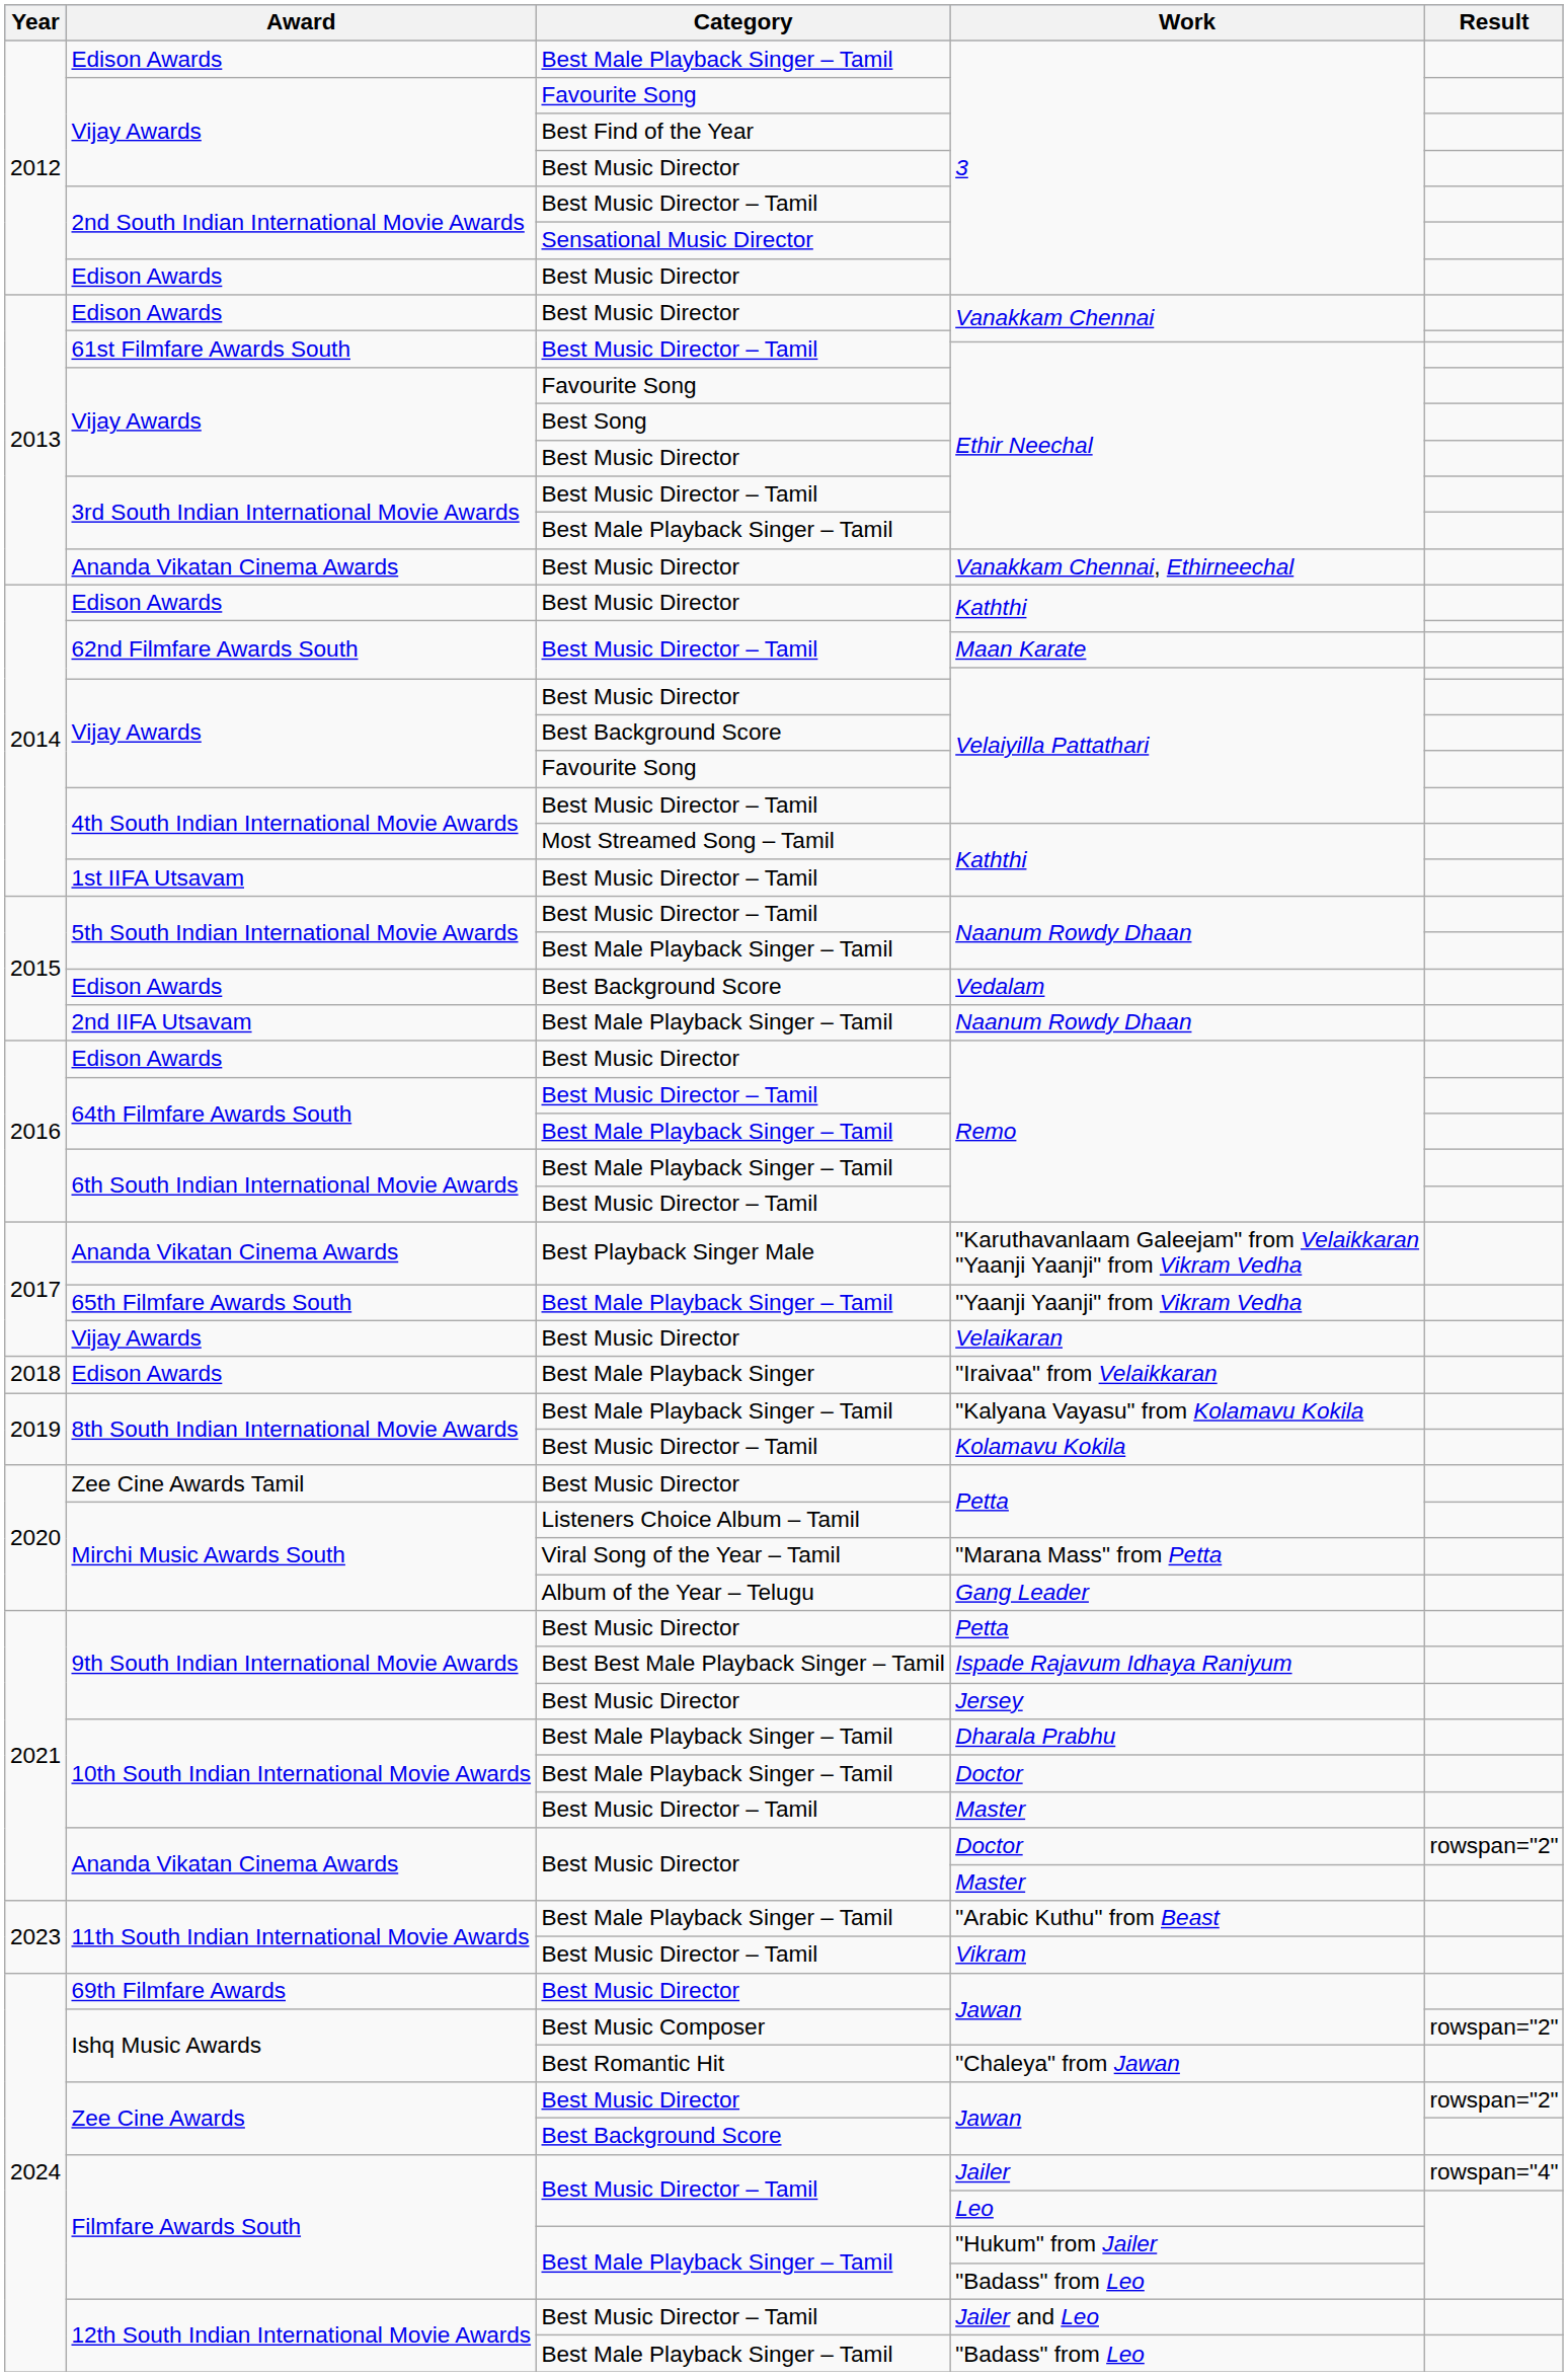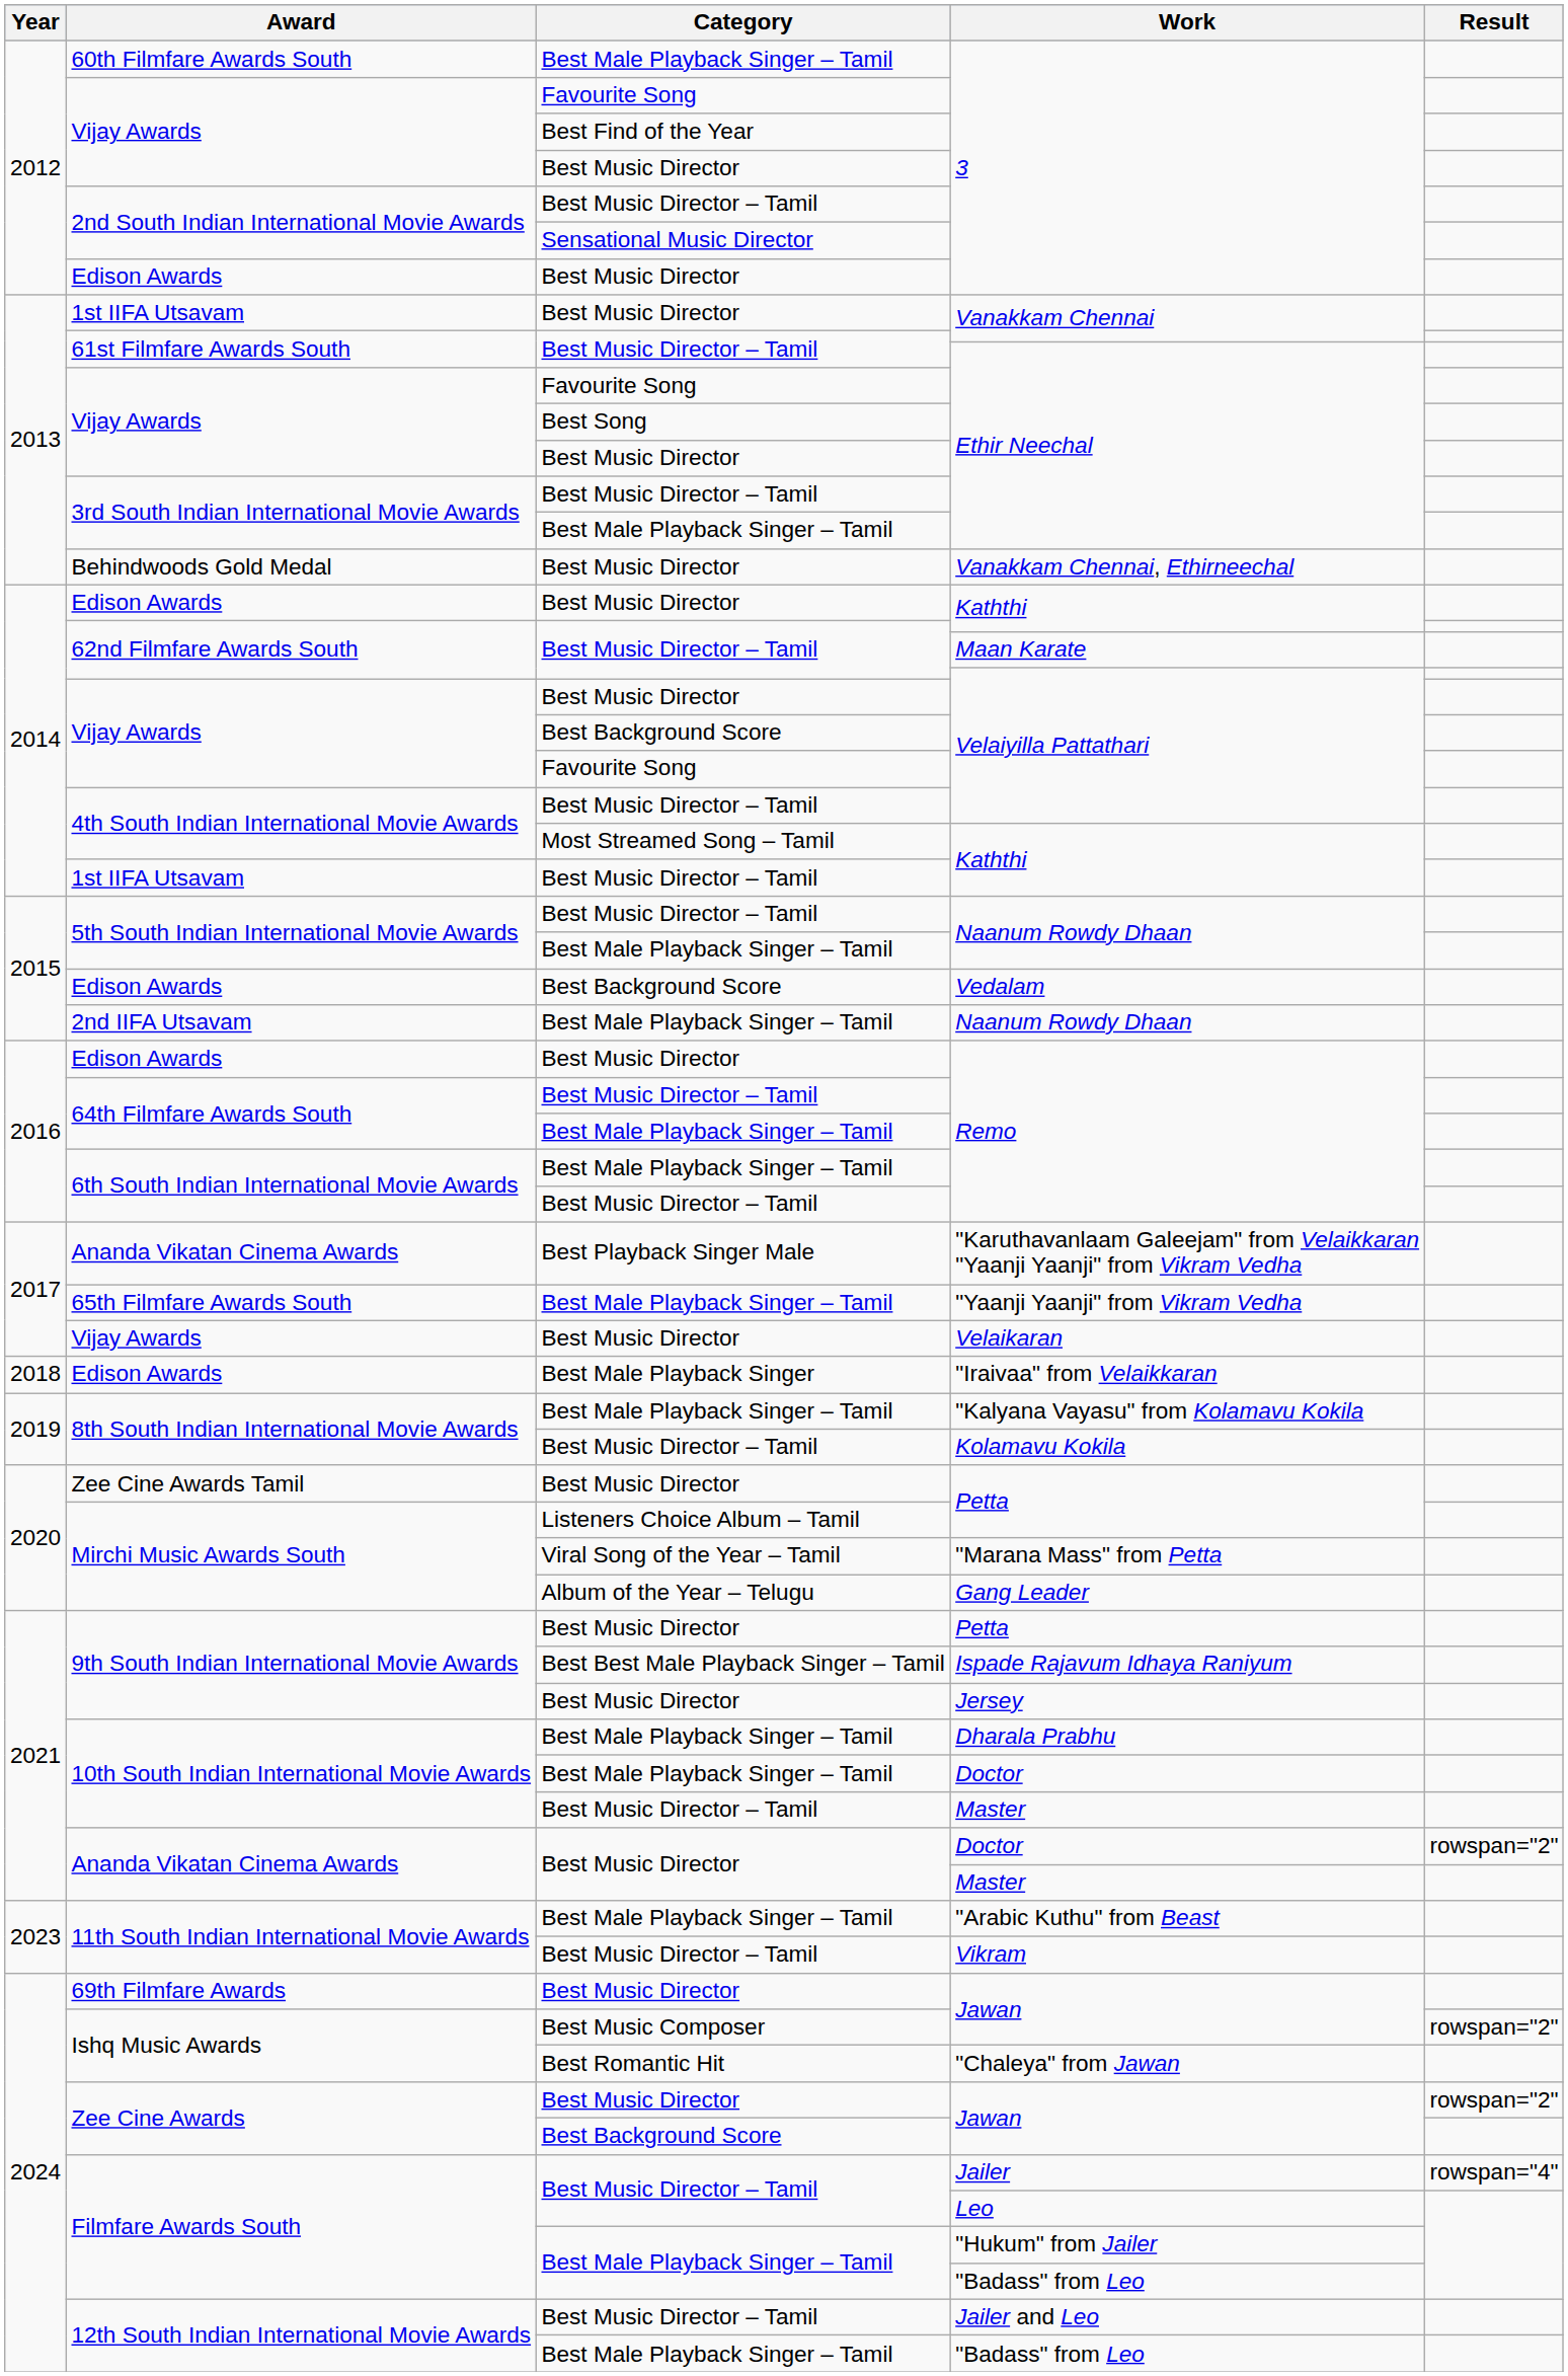 <table class="wikitable">
 <tr style="background:#B0C4DE;">
 <th scope="col">Year</th>
 <th scope="col">Award</th>
 <th scope="col">Category</th>
 <th scope="col">Work</th>
 <th scope="col">Result</th>
 </tr>
 <tr>
 <td rowspan="7">2012</td>
-<td><a href='#'>Edison Awards</a></td>
+<td><a href='#'>60th Filmfare Awards South</a></td>
 <td><a href='#'>Best Male Playback Singer – Tamil</a></td>
 <td rowspan="7"><em><a href='#'>3</a></em></td>
 <td></td>
 </tr>
 <tr>
 <td rowspan="3"><a href='#'>Vijay Awards</a></td>
 <td><a href='#'>Favourite Song</a></td>
 <td></td>
 </tr>
 <tr>
 <td>Best Find of the Year</td>
 <td></td>
 </tr>
 <tr>
 <td>Best Music Director</td>
 <td></td>
 </tr>
 <tr>
 <td rowspan="2"><a href='#'>2nd South Indian International Movie Awards</a></td>
 <td>Best Music Director – Tamil</td>
 <td></td>
 </tr>
 <tr>
 <td><a href='#'>Sensational Music Director</a></td>
 <td></td>
 </tr>
 <tr>
 <td><a href='#'>Edison Awards</a></td>
 <td>Best Music Director</td>
 <td></td>
 </tr>
 <tr>
 <td rowspan="9">2013</td>
-<td><a href='#'>Edison Awards</a></td>
+<td><a href='#'>1st IIFA Utsavam</a></td>
 <td>Best Music Director</td>
 <td rowspan="2"><em><a href='#'>Vanakkam Chennai</a></em></td>
 <td></td>
 </tr>
 <tr>
 <td rowspan="2"><a href='#'>61st Filmfare Awards South</a></td>
 <td rowspan="2"><a href='#'>Best Music Director – Tamil</a></td>
 <td></td>
 </tr>
 <tr>
 <td rowspan="6"><em><a href='#'>Ethir Neechal</a></em></td>
 <td></td>
 </tr>
 <tr>
 <td rowspan="3"><a href='#'>Vijay Awards</a></td>
 <td>Favourite Song</td>
 <td></td>
 </tr>
 <tr>
 <td>Best Song</td>
 <td></td>
 </tr>
 <tr>
 <td>Best Music Director</td>
 <td></td>
 </tr>
 <tr>
 <td rowspan="2"><a href='#'>3rd South Indian International Movie Awards</a></td>
 <td>Best Music Director – Tamil</td>
 <td></td>
 </tr>
 <tr>
 <td>Best Male Playback Singer – Tamil</td>
 <td></td>
 </tr>
 <tr>
-<td><a href='#'>Ananda Vikatan Cinema Awards</a></td>
+<td>Behindwoods Gold Medal</td>
 <td>Best Music Director</td>
 <td><em><a href='#'>Vanakkam Chennai</a></em>, <em><a href='#'>Ethirneechal</a></em></td>
 <td></td>
 </tr>
 <tr>
 <td rowspan="10">2014</td>
 <td><a href='#'>Edison Awards</a></td>
 <td>Best Music Director</td>
 <td rowspan="2"><em><a href='#'>Kaththi</a></em></td>
 <td></td>
 </tr>
 <tr>
 <td rowspan="3"><a href='#'>62nd Filmfare Awards South</a></td>
 <td rowspan="3"><a href='#'>Best Music Director – Tamil</a></td>
 <td></td>
 </tr>
 <tr>
 <td><em><a href='#'>Maan Karate</a></em></td>
 <td></td>
 </tr>
 <tr>
 <td rowspan="5"><em><a href='#'>Velaiyilla Pattathari</a></em></td>
 <td></td>
 </tr>
 <tr>
 <td rowspan="3"><a href='#'>Vijay Awards</a></td>
 <td>Best Music Director</td>
 <td></td>
 </tr>
 <tr>
 <td>Best Background Score</td>
 <td></td>
 </tr>
 <tr>
 <td>Favourite Song</td>
 <td></td>
 </tr>
 <tr>
 <td rowspan="2"><a href='#'>4th South Indian International Movie Awards</a></td>
 <td>Best Music Director – Tamil</td>
 <td></td>
 </tr>
 <tr>
 <td>Most Streamed Song – Tamil</td>
 <td rowspan="2"><em><a href='#'>Kaththi</a></em></td>
 <td></td>
 </tr>
 <tr>
 <td><a href='#'>1st IIFA Utsavam</a></td>
 <td>Best Music Director – Tamil</td>
 <td></td>
 </tr>
 <tr>
 <td rowspan="4">2015</td>
 <td rowspan="2"><a href='#'>5th South Indian International Movie Awards</a></td>
 <td>Best Music Director – Tamil</td>
 <td rowspan="2"><em><a href='#'>Naanum Rowdy Dhaan</a></em></td>
 <td></td>
 </tr>
 <tr>
 <td>Best Male Playback Singer – Tamil</td>
 <td></td>
 </tr>
 <tr>
 <td><a href='#'>Edison Awards</a></td>
 <td>Best Background Score</td>
 <td><em><a href='#'>Vedalam</a></em></td>
 <td></td>
 </tr>
 <tr>
 <td><a href='#'>2nd IIFA Utsavam</a></td>
 <td>Best Male Playback Singer – Tamil</td>
 <td><em><a href='#'>Naanum Rowdy Dhaan</a></em></td>
 <td></td>
 </tr>
 <tr>
 <td rowspan="5">2016</td>
 <td><a href='#'>Edison Awards</a></td>
 <td>Best Music Director</td>
 <td rowspan="5"><em><a href='#'>Remo</a></em></td>
 <td></td>
 </tr>
 <tr>
 <td rowspan="2"><a href='#'>64th Filmfare Awards South</a></td>
 <td><a href='#'>Best Music Director – Tamil</a></td>
 <td></td>
 </tr>
 <tr>
 <td><a href='#'>Best Male Playback Singer – Tamil</a></td>
 <td></td>
 </tr>
 <tr>
 <td rowspan="2"><a href='#'>6th South Indian International Movie Awards</a></td>
 <td>Best Male Playback Singer – Tamil</td>
 <td></td>
 </tr>
 <tr>
 <td>Best Music Director – Tamil</td>
 <td></td>
 </tr>
 <tr>
 <td rowspan="3">2017</td>
 <td><a href='#'>Ananda Vikatan Cinema Awards</a></td>
 <td>Best Playback Singer Male</td>
 <td>"Karuthavanlaam Galeejam" from <em><a href='#'>Velaikkaran</a></em><br>"Yaanji Yaanji" from <em><a href='#'>Vikram Vedha</a></em></td>
 <td></td>
 </tr>
 <tr>
 <td><a href='#'>65th Filmfare Awards South</a></td>
 <td><a href='#'>Best Male Playback Singer – Tamil</a></td>
 <td>"Yaanji Yaanji" from <em><a href='#'>Vikram Vedha</a></em></td>
 <td></td>
 </tr>
 <tr>
 <td><a href='#'>Vijay Awards</a></td>
 <td>Best Music Director</td>
 <td><em><a href='#'>Velaikaran</a></em></td>
 <td></td>
 </tr>
 <tr>
 <td>2018</td>
 <td><a href='#'>Edison Awards</a></td>
 <td>Best Male Playback Singer</td>
 <td>"Iraivaa" from <em><a href='#'>Velaikkaran</a></em></td>
 <td></td>
 </tr>
 <tr>
 <td rowspan="2">2019</td>
 <td rowspan="2"><a href='#'>8th South Indian International Movie Awards</a></td>
 <td>Best Male Playback Singer – Tamil</td>
 <td>"Kalyana Vayasu" from <em><a href='#'>Kolamavu Kokila</a></em></td>
 <td></td>
 </tr>
 <tr>
 <td>Best Music Director – Tamil</td>
 <td><em><a href='#'>Kolamavu Kokila</a></em></td>
 <td></td>
 </tr>
 <tr>
 <td rowspan="4">2020</td>
 <td>Zee Cine Awards Tamil</td>
 <td>Best Music Director</td>
 <td rowspan="2"><em><a href='#'>Petta</a></em></td>
 <td></td>
 </tr>
 <tr>
 <td rowspan="3"><a href='#'>Mirchi Music Awards South</a></td>
 <td>Listeners Choice Album – Tamil</td>
 <td></td>
 </tr>
 <tr>
 <td>Viral Song of the Year – Tamil</td>
 <td>"Marana Mass" from <em><a href='#'>Petta</a></em></td>
 <td></td>
 </tr>
 <tr>
 <td>Album of the Year – Telugu</td>
 <td><em><a href='#'>Gang Leader</a></em></td>
 <td></td>
 </tr>
 <tr>
 <td rowspan="8">2021</td>
 <td rowspan="3"><a href='#'>9th South Indian International Movie Awards</a></td>
 <td>Best Music Director</td>
 <td><em><a href='#'>Petta</a></em></td>
 <td></td>
 </tr>
 <tr>
 <td>Best Best Male Playback Singer – Tamil</td>
 <td><em><a href='#'>Ispade Rajavum Idhaya Raniyum</a></em></td>
 <td></td>
 </tr>
 <tr>
 <td>Best Music Director</td>
 <td><em><a href='#'>Jersey</a></em></td>
 <td></td>
 </tr>
 <tr>
 <td rowspan="3"><a href='#'>10th South Indian International Movie Awards</a></td>
 <td>Best Male Playback Singer – Tamil</td>
 <td><em><a href='#'>Dharala Prabhu</a></em></td>
 <td></td>
 </tr>
 <tr>
 <td>Best Male Playback Singer – Tamil</td>
 <td><em><a href='#'>Doctor</a></em></td>
 <td></td>
 </tr>
 <tr>
 <td>Best Music Director – Tamil</td>
 <td><em><a href='#'>Master</a></em></td>
 <td></td>
 </tr>
 <tr>
 <td rowspan="2"><a href='#'>Ananda Vikatan Cinema Awards</a></td>
 <td rowspan="2">Best Music Director</td>
 <td><em><a href='#'>Doctor</a></em></td>
 <td>rowspan="2" </td>
 </tr>
 <tr>
 <td><em><a href='#'>Master</a></em></td>
 </tr>
 <tr>
 <td rowspan="2">2023</td>
 <td rowspan="2"><a href='#'>11th South Indian International Movie Awards</a></td>
 <td>Best Male Playback Singer – Tamil</td>
 <td>"Arabic Kuthu" from <em><a href='#'>Beast</a></em></td>
 <td></td>
 </tr>
 <tr>
 <td>Best Music Director – Tamil</td>
 <td><em><a href='#'>Vikram</a></em></td>
 <td></td>
 </tr>
 <tr>
 <td rowspan="11">2024</td>
 <td><a href='#'>69th Filmfare Awards</a></td>
 <td><a href='#'>Best Music Director</a></td>
 <td rowspan="2"><em><a href='#'>Jawan</a></em></td>
 <td></td>
 </tr>
 <tr>
 <td rowspan="2">Ishq Music Awards</td>
 <td>Best Music Composer</td>
 <td>rowspan="2" </td>
 </tr>
 <tr>
 <td>Best Romantic Hit</td>
 <td>"Chaleya" from <em><a href='#'>Jawan</a></em></td>
 </tr>
 <tr>
 <td rowspan="2"><a href='#'>Zee Cine Awards</a></td>
 <td><a href='#'>Best Music Director</a></td>
 <td rowspan="2"><em><a href='#'>Jawan</a></em></td>
 <td>rowspan="2" </td>
 </tr>
 <tr>
 <td><a href='#'>Best Background Score</a></td>
 </tr>
 <tr>
 <td rowspan="4"><a href='#'>Filmfare Awards South</a></td>
 <td rowspan="2"><a href='#'>Best Music Director – Tamil</a></td>
 <td><em><a href='#'>Jailer</a></em></td>
 <td>rowspan="4" </td>
 </tr>
 <tr>
 <td><em><a href='#'>Leo</a></em></td>
 </tr>
 <tr>
 <td rowspan="2"><a href='#'>Best Male Playback Singer – Tamil</a></td>
 <td>"Hukum" from <em><a href='#'>Jailer</a></em></td>
 </tr>
 <tr>
 <td>"Badass" from <em><a href='#'>Leo</a></em></td>
 </tr>
 <tr>
 <td rowspan="2"><a href='#'>12th South Indian International Movie Awards</a></td>
 <td>Best Music Director – Tamil</td>
 <td><em><a href='#'>Jailer</a></em> and <em><a href='#'>Leo</a></em></td>
 <td></td>
 </tr>
 <tr>
 <td>Best Male Playback Singer – Tamil</td>
 <td>"Badass" from <em><a href='#'>Leo</a></em></td>
 <td></td>
 </tr>
 </table>
